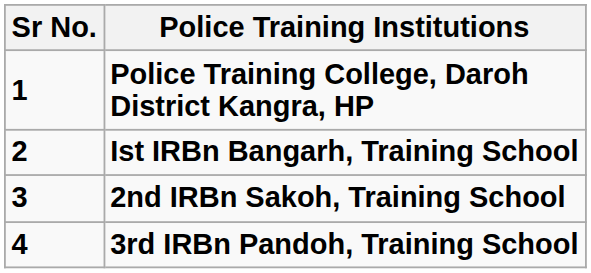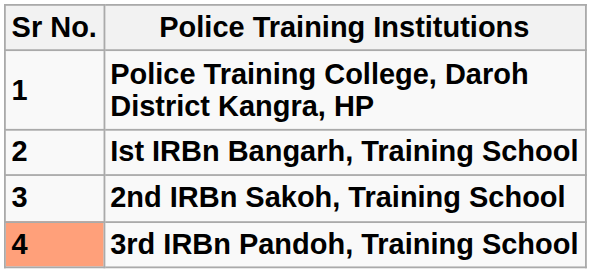 <table class="wikitable">
 <tr>
 <th><strong>Sr No.</strong></th>
 <th><strong>Police Training Institutions</strong></th>
 </tr>
 <tr>
 <td><strong>1</strong></td>
 <td><strong>Police Training College, Daroh</strong><br><strong>District Kangra, HP</strong></td>
 </tr>
 <tr>
 <td><strong>2</strong></td>
 <td><strong>Ist IRBn Bangarh, Training School</strong></td>
 </tr>
 <tr>
 <td><strong>3</strong></td>
 <td><strong>2nd IRBn Sakoh, Training School</strong></td>
 </tr>
 <tr>
-<td><strong>4</strong></td>
+<td style="background: lightsalmon;"><strong>4</strong></td>
 <td><strong>3rd IRBn Pandoh, Training School</strong></td>
 </tr>
 </table>
